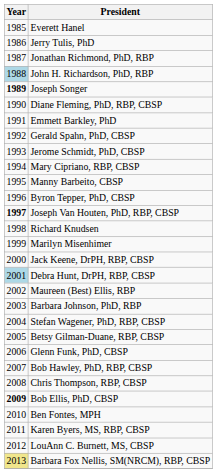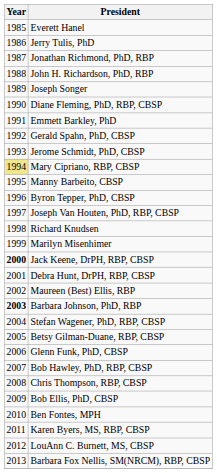 <table class="wikitable collapsible collapsed">
 <tr>
 <th>Year</th>
 <th>President</th>
 </tr>
 <tr>
 <td>1985</td>
 <td>Everett Hanel</td>
 </tr>
 <tr>
 <td>1986</td>
 <td>Jerry Tulis, PhD</td>
 </tr>
 <tr>
 <td>1987</td>
 <td>Jonathan Richmond, PhD, RBP</td>
 </tr>
 <tr>
-<td style="background: lightblue;">1988</td>
+<td>1988</td>
 <td>John H. Richardson, PhD, RBP</td>
 </tr>
 <tr>
-<td><strong>1989</strong></td>
+<td>1989</td>
 <td>Joseph Songer</td>
 </tr>
 <tr>
 <td>1990</td>
 <td>Diane Fleming, PhD, RBP, CBSP</td>
 </tr>
 <tr>
 <td>1991</td>
 <td>Emmett Barkley, PhD</td>
 </tr>
 <tr>
 <td>1992</td>
 <td>Gerald Spahn, PhD, CBSP</td>
 </tr>
 <tr>
 <td>1993</td>
 <td>Jerome Schmidt, PhD, CBSP</td>
 </tr>
 <tr>
-<td>1994</td>
+<td style="background: khaki;">1994</td>
 <td>Mary Cipriano, RBP, CBSP</td>
 </tr>
 <tr>
 <td>1995</td>
 <td>Manny Barbeito, CBSP</td>
 </tr>
 <tr>
 <td>1996</td>
 <td>Byron Tepper, PhD, CBSP</td>
 </tr>
 <tr>
-<td><strong>1997</strong></td>
+<td>1997</td>
 <td>Joseph Van Houten, PhD, RBP, CBSP</td>
 </tr>
 <tr>
 <td>1998</td>
 <td>Richard Knudsen</td>
 </tr>
 <tr>
 <td>1999</td>
 <td>Marilyn Misenhimer</td>
 </tr>
 <tr>
-<td>2000</td>
+<td><strong>2000</strong></td>
 <td>Jack Keene, DrPH, RBP, CBSP</td>
 </tr>
 <tr>
-<td style="background: lightblue;">2001</td>
+<td>2001</td>
 <td>Debra Hunt, DrPH, RBP, CBSP</td>
 </tr>
 <tr>
 <td>2002</td>
 <td>Maureen (Best) Ellis, RBP</td>
 </tr>
 <tr>
-<td>2003</td>
+<td><strong>2003</strong></td>
 <td>Barbara Johnson, PhD, RBP</td>
 </tr>
 <tr>
 <td>2004</td>
 <td>Stefan Wagener, PhD, RBP, CBSP</td>
 </tr>
 <tr>
 <td>2005</td>
 <td>Betsy Gilman-Duane, RBP, CBSP</td>
 </tr>
 <tr>
 <td>2006</td>
 <td>Glenn Funk, PhD, CBSP</td>
 </tr>
 <tr>
 <td>2007</td>
 <td>Bob Hawley, PhD, RBP, CBSP</td>
 </tr>
 <tr>
 <td>2008</td>
 <td>Chris Thompson, RBP, CBSP</td>
 </tr>
 <tr>
-<td><strong>2009</strong></td>
+<td>2009</td>
 <td>Bob Ellis, PhD, CBSP</td>
 </tr>
 <tr>
 <td>2010</td>
 <td>Ben Fontes, MPH</td>
 </tr>
 <tr>
 <td>2011</td>
 <td>Karen Byers, MS, RBP, CBSP</td>
 </tr>
 <tr>
 <td>2012</td>
 <td>LouAnn C. Burnett, MS, CBSP</td>
 </tr>
 <tr>
-<td style="background: khaki;">2013</td>
+<td>2013</td>
 <td>Barbara Fox Nellis, SM(NRCM), RBP, CBSP</td>
 </tr>
 <tr>
 </tr>
 </table>
